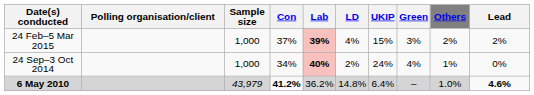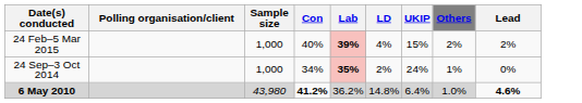 <table class="wikitable sortable" style="text-align:center;font-size:90%;line-height:14px">
 <tr>
 <th ! style="width:105px;">Date(s)<br>conducted</th>
 <th style="width:200px;">Polling organisation/client</th>
 <th class="unsortable" style="width:60px;">Sample size</th>
 <th class="unsortable" style="background:"><a href='#'><span>Con</span></a></th>
 <th class="unsortable" style="background:"><a href='#'><span>Lab</span></a></th>
 <th class="unsortable" style="background:"><a href='#'><span>LD</span></a></th>
 <th class="unsortable" style="background:"><a href='#'><span>UKIP</span></a></th>
-<th class="unsortable" style="background:"><a href='#'><span>Green</span></a></th>
 <th class="unsortable" style="background:gray; width:50px;"><a href='#'><span>Others</span></a></th>
 <th class="unsortable" style="width:80px;">Lead</th>
 </tr>
 <tr>
 <td>24 Feb–5 Mar 2015</td>
 <td> </td>
 <td>1,000</td>
-<td>37%</td>
+<td>40%</td>
 <td style="background:#F8C1BE"><strong>39%</strong></td>
 <td>4%</td>
 <td>15%</td>
-<td>3%</td>
 <td>2%</td>
 <td style="background:">2%</td>
 </tr>
 <tr>
 <td>24 Sep–3 Oct 2014</td>
 <td> </td>
 <td>1,000</td>
 <td>34%</td>
-<td style="background:#F8C1BE"><strong>40%</strong></td>
+<td style="background:#F8C1BE"><strong>35%</strong></td>
 <td>2%</td>
 <td>24%</td>
-<td>4%</td>
 <td>1%</td>
 <td style="background:">0%</td>
 </tr>
 <tr>
 <td style="background:#D5D5D5"><strong>6 May 2010</strong></td>
 <td style="background:#D5D5D5"></td>
-<td style="background:#D5D5D5"><em>43,979</em></td>
+<td style="background:#D5D5D5"><em>43,980</em></td>
 <td style="background:"><strong>41.2%</strong></td>
 <td style="background:#D5D5D5">36.2%</td>
 <td style="background:#D5D5D5">14.8%</td>
 <td style="background:#D5D5D5">6.4%</td>
-<td style="background:#D5D5D5">–</td>
 <td style="background:#D5D5D5">1.0%</td>
 <td style="background:"><strong>4.6% </strong></td>
 </tr>
 </table>
